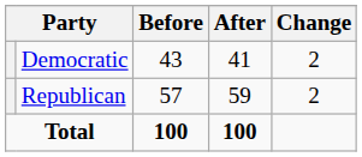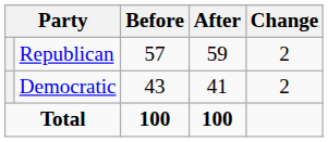 <table class="wikitable" style="text-align:center;">
 <tr>
 </tr>
 <tr>
 <th colspan=2>Party</th>
 <th>Before</th>
 <th>After</th>
 <th>Change</th>
 </tr>
 <tr>
 <th style="background-color:"></th>
-<td style="text-align:left;"><a href='#'>Democratic</a></td>
-<td>43</td>
-<td>41</td>
+<td style="text-align:left;"><a href='#'>Republican</a></td>
+<td>57</td>
+<td>59</td>
 <td> 2</td>
 </tr>
 <tr>
 <th style="background-color:"></th>
-<td style="text-align:left;"><a href='#'>Republican</a></td>
-<td>57</td>
-<td>59</td>
+<td style="text-align:left;"><a href='#'>Democratic</a></td>
+<td>43</td>
+<td>41</td>
 <td> 2</td>
 </tr>
 <tr>
 <td colspan=2><strong>Total</strong></td>
 <td><strong>100</strong></td>
 <td><strong>100</strong></td>
 <td></td>
 </tr>
 </table>
